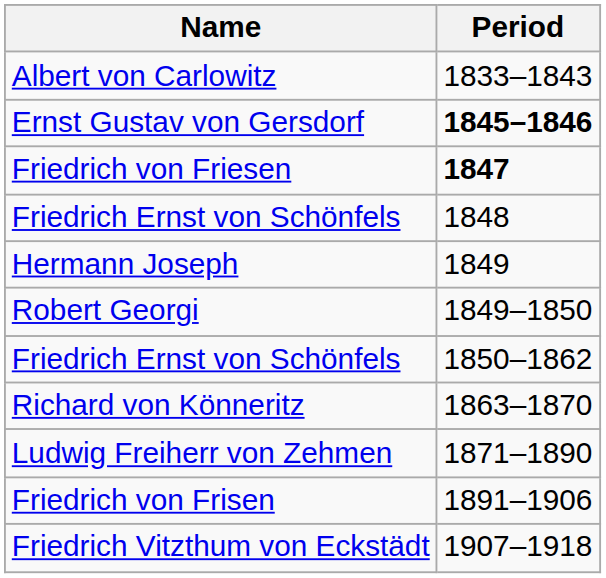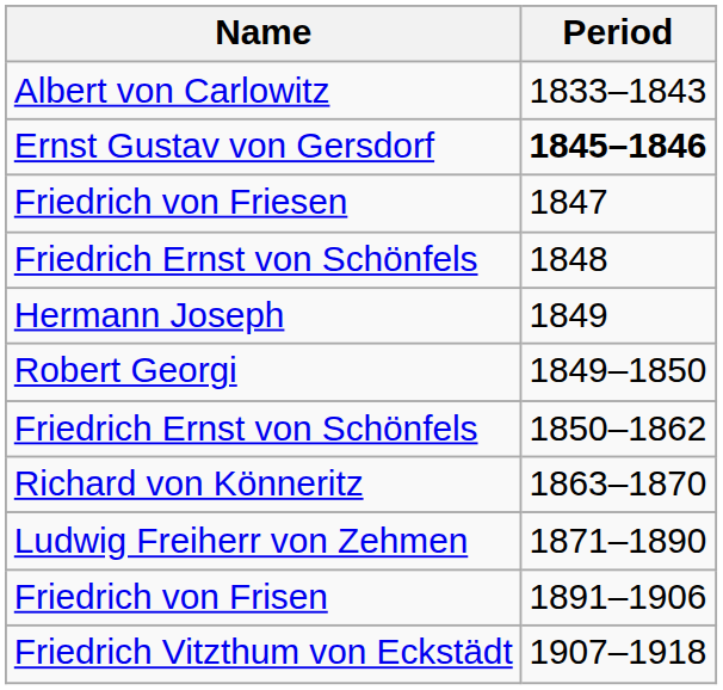 <table class="wikitable">
 <tr>
 <th>Name</th>
 <th>Period</th>
 </tr>
 <tr>
 <td><a href='#'>Albert von Carlowitz</a></td>
 <td>1833–1843</td>
 </tr>
 <tr>
 <td><a href='#'>Ernst Gustav von Gersdorf</a></td>
 <td><strong>1845–1846</strong></td>
 </tr>
 <tr>
 <td><a href='#'>Friedrich von Friesen</a></td>
-<td><strong>1847</strong></td>
+<td>1847</td>
 </tr>
 <tr>
 <td><a href='#'>Friedrich Ernst von Schönfels</a></td>
 <td>1848</td>
 </tr>
 <tr>
 <td><a href='#'>Hermann Joseph</a></td>
 <td>1849</td>
 </tr>
 <tr>
 <td><a href='#'>Robert Georgi</a></td>
 <td>1849–1850</td>
 </tr>
 <tr>
 <td><a href='#'>Friedrich Ernst von Schönfels</a></td>
 <td>1850–1862</td>
 </tr>
 <tr>
 <td><a href='#'>Richard von Könneritz</a></td>
 <td>1863–1870</td>
 </tr>
 <tr>
 <td><a href='#'>Ludwig Freiherr von Zehmen</a></td>
 <td>1871–1890</td>
 </tr>
 <tr>
 <td><a href='#'>Friedrich von Frisen</a></td>
 <td>1891–1906</td>
 </tr>
 <tr>
 <td><a href='#'>Friedrich Vitzthum von Eckstädt</a></td>
 <td>1907–1918</td>
 </tr>
 </table>
